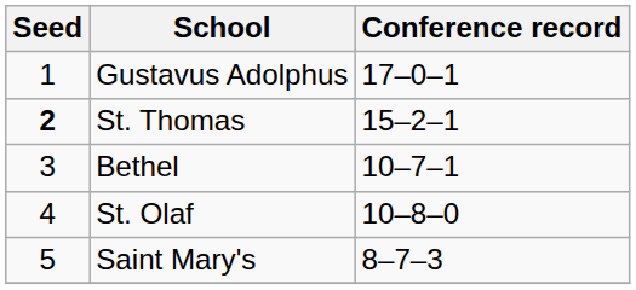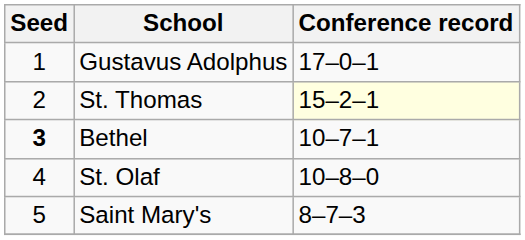 <table class="wikitable">
 <tr>
 <th>Seed</th>
 <th>School</th>
 <th>Conference record</th>
 </tr>
 <tr>
 <td align=center>1</td>
 <td>Gustavus Adolphus</td>
 <td>17–0–1</td>
 </tr>
 <tr>
-<td align=center><strong>2</strong></td>
+<td align=center>2</td>
 <td>St. Thomas</td>
-<td>15–2–1</td>
+<td style="background: lightyellow;">15–2–1</td>
 </tr>
 <tr>
-<td align=center>3</td>
+<td align=center><strong>3</strong></td>
 <td>Bethel</td>
 <td>10–7–1</td>
 </tr>
 <tr>
 <td align=center>4</td>
 <td>St. Olaf</td>
 <td>10–8–0</td>
 </tr>
 <tr>
 <td align=center>5</td>
 <td>Saint Mary's</td>
 <td>8–7–3</td>
 </tr>
 <tr>
 </tr>
 </table>
